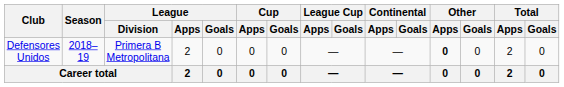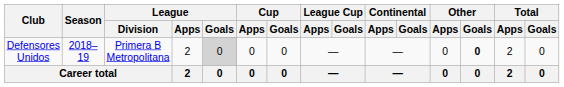 <table class="wikitable" style="text-align:center">
 <tr>
 <th rowspan="2">Club</th>
 <th rowspan="2">Season</th>
 <th colspan="3">League</th>
 <th colspan="2">Cup</th>
 <th colspan="2">League Cup</th>
 <th colspan="2">Continental</th>
 <th colspan="2">Other</th>
 <th colspan="2">Total</th>
 </tr>
 <tr>
 <th>Division</th>
 <th>Apps</th>
 <th>Goals</th>
 <th>Apps</th>
 <th>Goals</th>
 <th>Apps</th>
 <th>Goals</th>
 <th>Apps</th>
 <th>Goals</th>
 <th>Apps</th>
 <th>Goals</th>
 <th>Apps</th>
 <th>Goals</th>
 </tr>
 <tr>
 <td rowspan="1"><a href='#'>Defensores Unidos</a></td>
 <td><a href='#'>2018–19</a></td>
 <td rowspan="1"><a href='#'>Primera B Metropolitana</a></td>
 <td>2</td>
-<td>0</td>
+<td style="background: lightgrey;">0</td>
 <td>0</td>
 <td>0</td>
 <td colspan="2">—</td>
 <td colspan="2">—</td>
+<td>0</td>
 <td><strong>0</strong></td>
-<td>0</td>
 <td>2</td>
 <td>0</td>
 </tr>
 <tr>
 <th colspan="3">Career total</th>
 <th>2</th>
 <th>0</th>
 <th>0</th>
 <th>0</th>
 <th colspan="2">—</th>
 <th colspan="2">—</th>
 <th>0</th>
 <th>0</th>
 <th>2</th>
 <th>0</th>
 </tr>
 </table>
